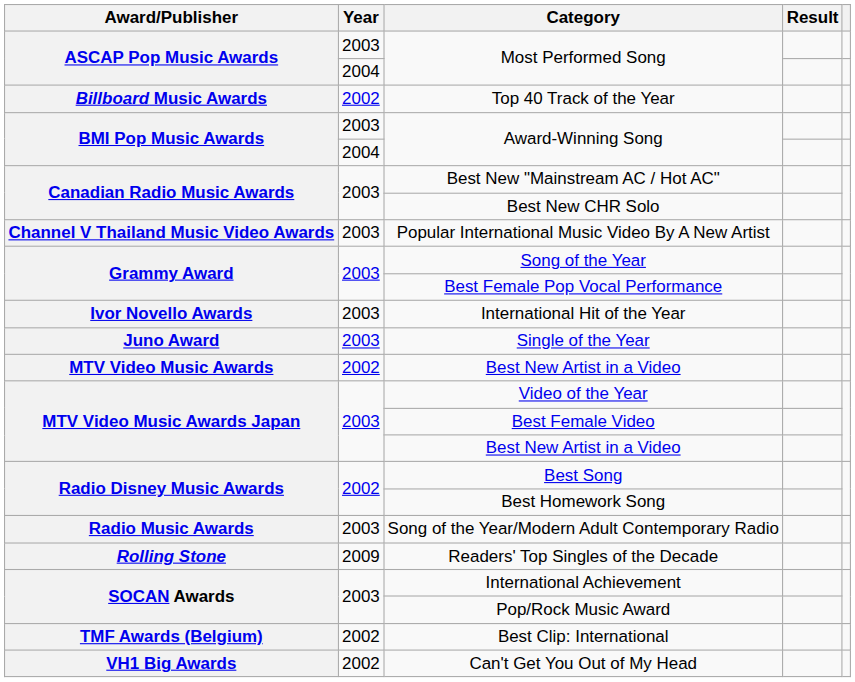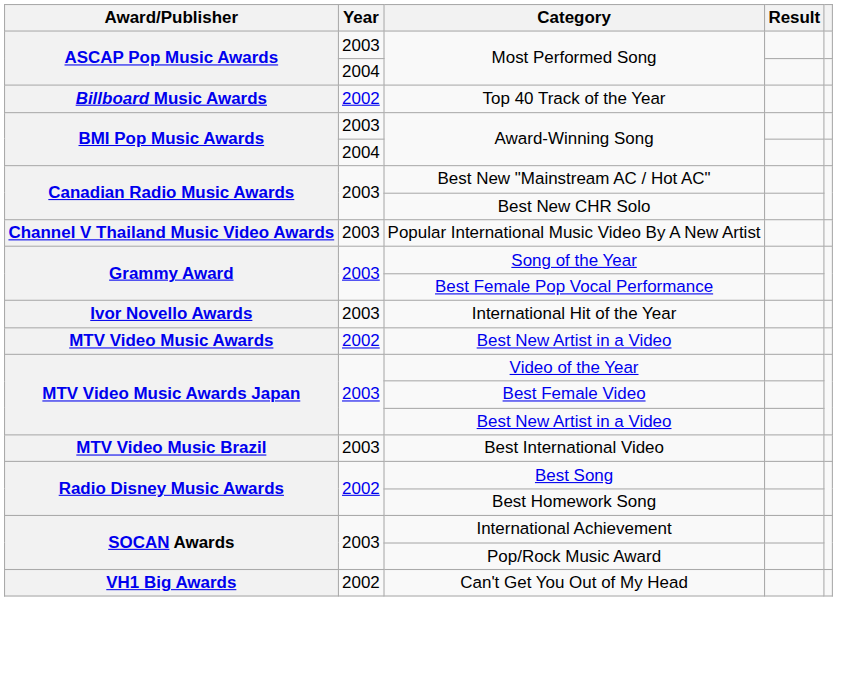 <table class="wikitable sortable plainrowheaders" style="text-align:center">
 <tr>
 <th scope="col">Award/Publisher</th>
 <th scope="col">Year</th>
 <th scope="col">Category</th>
 <th scope="col">Result</th>
 <th scope="col" class="unsortable"></th>
 </tr>
 <tr>
 <th scope="row" rowspan="2"><a href='#'>ASCAP Pop Music Awards</a></th>
 <td>2003</td>
 <td rowspan="2">Most Performed Song </td>
 <td></td>
 <td></td>
 </tr>
 <tr>
 <td>2004</td>
 <td></td>
 <td></td>
 </tr>
 <tr>
 <th scope="row"><a href='#'><em>Billboard</em> Music Awards</a></th>
 <td><a href='#'>2002</a></td>
 <td>Top 40 Track of the Year</td>
 <td></td>
 <td></td>
 </tr>
 <tr>
 <th scope="row" rowspan="2"><a href='#'>BMI Pop Music Awards</a></th>
 <td>2003</td>
 <td rowspan="2">Award-Winning Song </td>
 <td></td>
 <td></td>
 </tr>
 <tr>
 <td>2004</td>
 <td></td>
 <td></td>
 </tr>
 <tr>
 <th scope="row" rowspan="2"><a href='#'>Canadian Radio Music Awards</a></th>
 <td rowspan="2">2003</td>
 <td>Best New "Mainstream AC / Hot AC"</td>
 <td></td>
 <td rowspan="2"></td>
 </tr>
 <tr>
 <td>Best New CHR Solo</td>
 <td></td>
 </tr>
 <tr>
 <th scope="row"><a href='#'>Channel V Thailand Music Video Awards</a></th>
 <td>2003</td>
 <td>Popular International Music Video By A New Artist</td>
 <td></td>
 <td></td>
 </tr>
 <tr>
 <th scope="row" rowspan="2"><a href='#'>Grammy Award</a></th>
 <td rowspan="2"><a href='#'>2003</a></td>
 <td><a href='#'>Song of the Year</a></td>
 <td></td>
 <td rowspan="2"></td>
 </tr>
 <tr>
 <td><a href='#'>Best Female Pop Vocal Performance</a></td>
 <td></td>
 </tr>
 <tr>
 <th scope="row"><a href='#'>Ivor Novello Awards</a></th>
 <td>2003</td>
 <td>International Hit of the Year</td>
 <td></td>
 <td></td>
 </tr>
 <tr>
-<th scope="row"><a href='#'>Juno Award</a></th>
-<td><a href='#'>2003</a></td>
-<td><a href='#'>Single of the Year</a></td>
-<td></td>
-<td></td>
-</tr>
-<tr>
 <th scope="row"><a href='#'>MTV Video Music Awards</a></th>
 <td><a href='#'>2002</a></td>
 <td><a href='#'>Best New Artist in a Video</a></td>
 <td></td>
 <td></td>
 </tr>
 <tr>
 <th scope="row" rowspan="3"><a href='#'>MTV Video Music Awards Japan</a></th>
 <td rowspan="3"><a href='#'>2003</a></td>
 <td><a href='#'>Video of the Year</a></td>
 <td></td>
 <td rowspan="3"></td>
 </tr>
 <tr>
 <td><a href='#'>Best Female Video</a></td>
 <td></td>
 </tr>
 <tr>
 <td><a href='#'>Best New Artist in a Video</a></td>
 <td></td>
 </tr>
 <tr>
+<th scope="row"><a href='#'>MTV Video Music Brazil</a></th>
+<td>2003</td>
+<td>Best International Video</td>
+<td></td>
+<td></td>
+</tr>
+<tr>
 <th scope="row" rowspan="2"><a href='#'>Radio Disney Music Awards</a></th>
 <td rowspan="2"><a href='#'>2002</a></td>
 <td><a href='#'>Best Song</a></td>
 <td></td>
 <td rowspan="2"></td>
 </tr>
 <tr>
 <td>Best Homework Song</td>
-<td></td>
-</tr>
-<tr>
-<th scope="row"><a href='#'>Radio Music Awards</a></th>
-<td>2003</td>
-<td>Song of the Year/Modern Adult Contemporary Radio</td>
-<td></td>
-<td></td>
-</tr>
-<tr>
-<th scope="row"><em><a href='#'>Rolling Stone</a></em></th>
-<td>2009</td>
-<td>Readers' Top Singles of the Decade</td>
-<td></td>
 <td></td>
 </tr>
 <tr>
 <th scope="row" rowspan="2"><a href='#'>SOCAN</a> Awards</th>
 <td rowspan="2">2003</td>
 <td>International Achievement </td>
 <td></td>
 <td rowspan="2"></td>
 </tr>
 <tr>
 <td>Pop/Rock Music Award </td>
 <td></td>
 </tr>
 <tr>
-<th scope="row"><a href='#'>TMF Awards (Belgium)</a></th>
-<td>2002</td>
-<td>Best Clip: International</td>
-<td></td>
-<td></td>
-</tr>
-<tr>
 <th scope="row"><a href='#'>VH1 Big Awards</a></th>
 <td>2002</td>
 <td>Can't Get You Out of My Head</td>
 <td></td>
 <td></td>
 </tr>
 </table>
